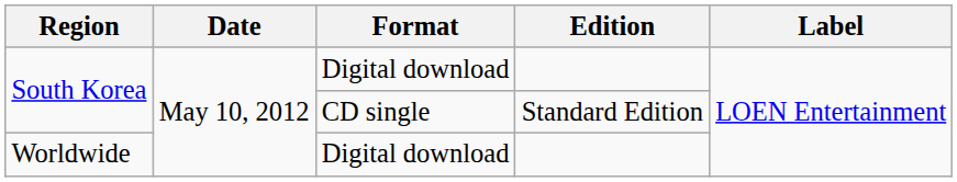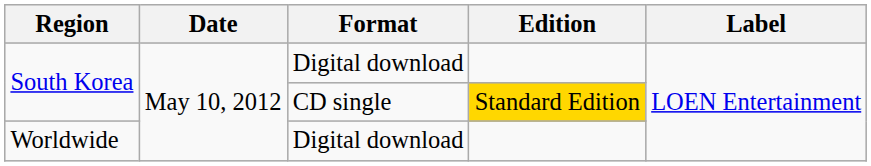 <table class="wikitable plainrowheaders">
 <tr>
 <th scope="col">Region</th>
 <th>Date</th>
 <th>Format</th>
 <th>Edition</th>
 <th>Label</th>
 </tr>
 <tr>
 <td rowspan="2"><a href='#'>South Korea</a></td>
 <td rowspan="3">May 10, 2012</td>
 <td>Digital download</td>
 <td></td>
 <td rowspan="3"><a href='#'>LOEN Entertainment</a></td>
 </tr>
 <tr>
 <td>CD single</td>
-<td>Standard Edition</td>
+<td style="background: gold;">Standard Edition</td>
 </tr>
 <tr>
 <td>Worldwide</td>
 <td>Digital download</td>
 <td></td>
 </tr>
 </table>
